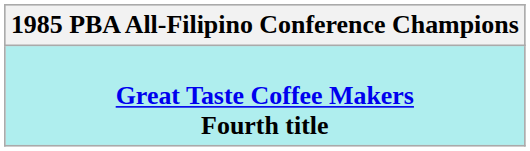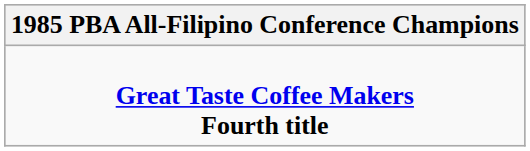 <table class=wikitable style="text-align:center; margin:auto">
 <tr>
 <th>1985 PBA All-Filipino Conference Champions</th>
 </tr>
 <tr>
-<td style="background: paleturquoise;"><br> <strong><a href='#'>Great Taste Coffee Makers</a></strong> <br> <strong>Fourth title</strong></td>
+<td><br> <strong><a href='#'>Great Taste Coffee Makers</a></strong> <br> <strong>Fourth title</strong></td>
 </tr>
 </table>
